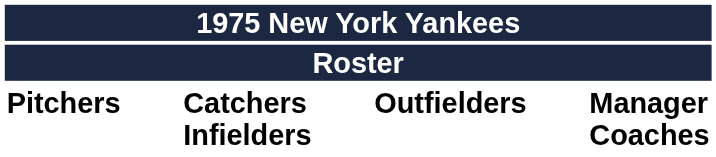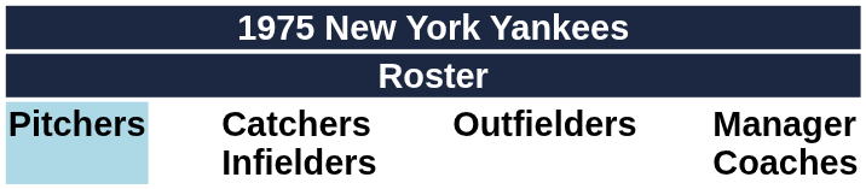 <table class="toccolours" style="font-size: 95%;">
 <tr>
 <th colspan="10" style="background-color: #1c2841; color: white; text-align: center;">1975 New York Yankees</th>
 </tr>
 <tr>
 <td colspan="10" style="background-color: #1c2841; color: white; text-align: center;"><strong>Roster</strong></td>
 </tr>
 <tr>
-<td valign="top"><strong>Pitchers</strong><br>           </td>
+<td valign="top" style="background: lightblue;"><strong>Pitchers</strong><br>           </td>
 <td width="25px"></td>
 <td valign="top"><strong>Catchers</strong><br>   <strong>Infielders</strong>         </td>
 <td width="25px"></td>
 <td valign="top"><strong>Outfielders</strong><br>            </td>
 <td width="25px"></td>
 <td valign="top"><strong>Manager</strong><br>  <strong>Coaches</strong>     </td>
 </tr>
 </table>
